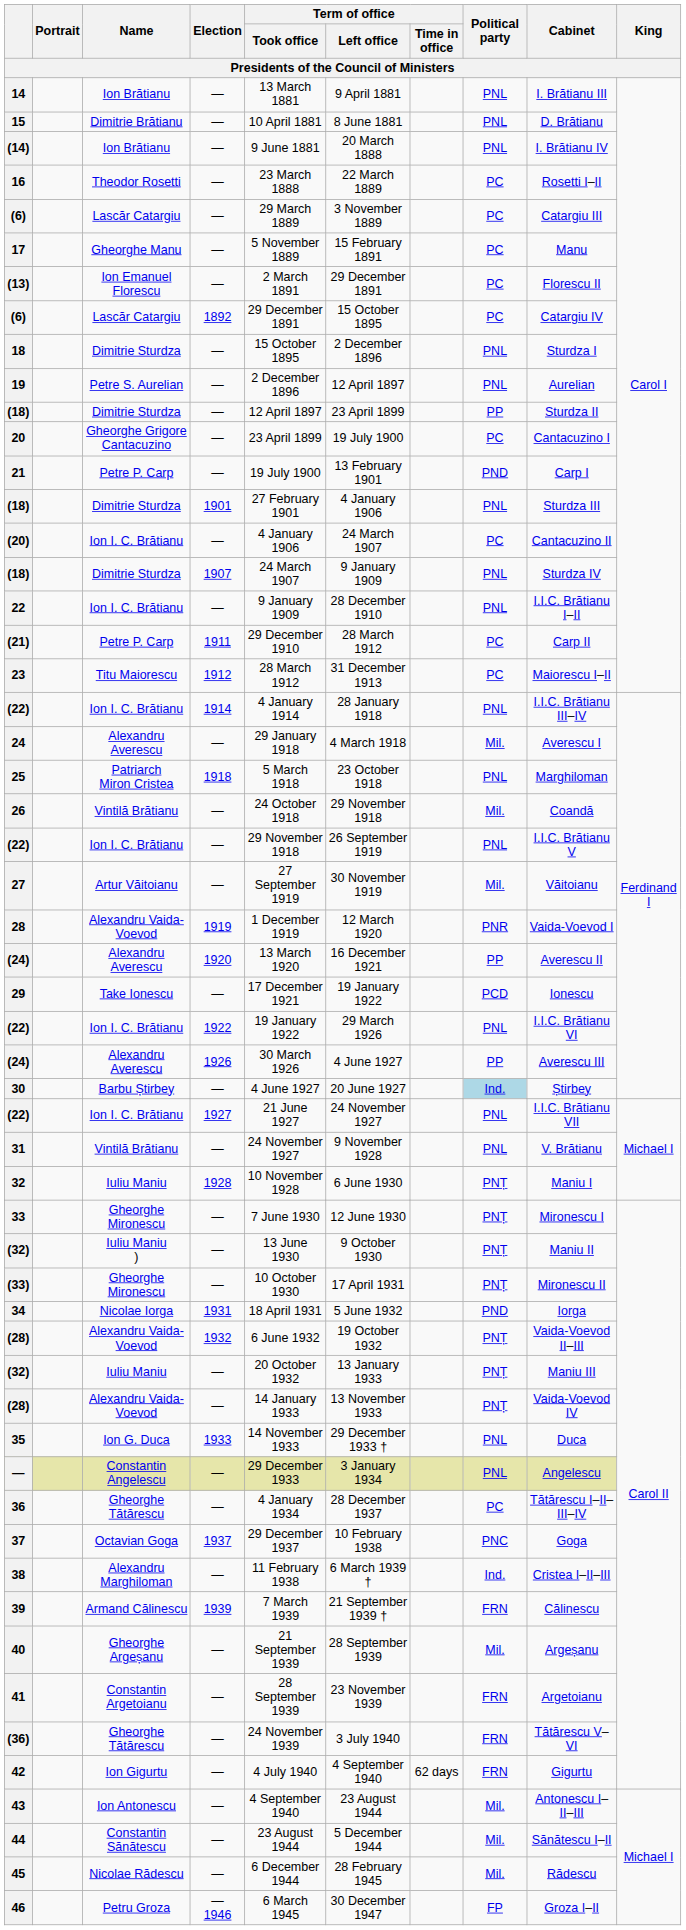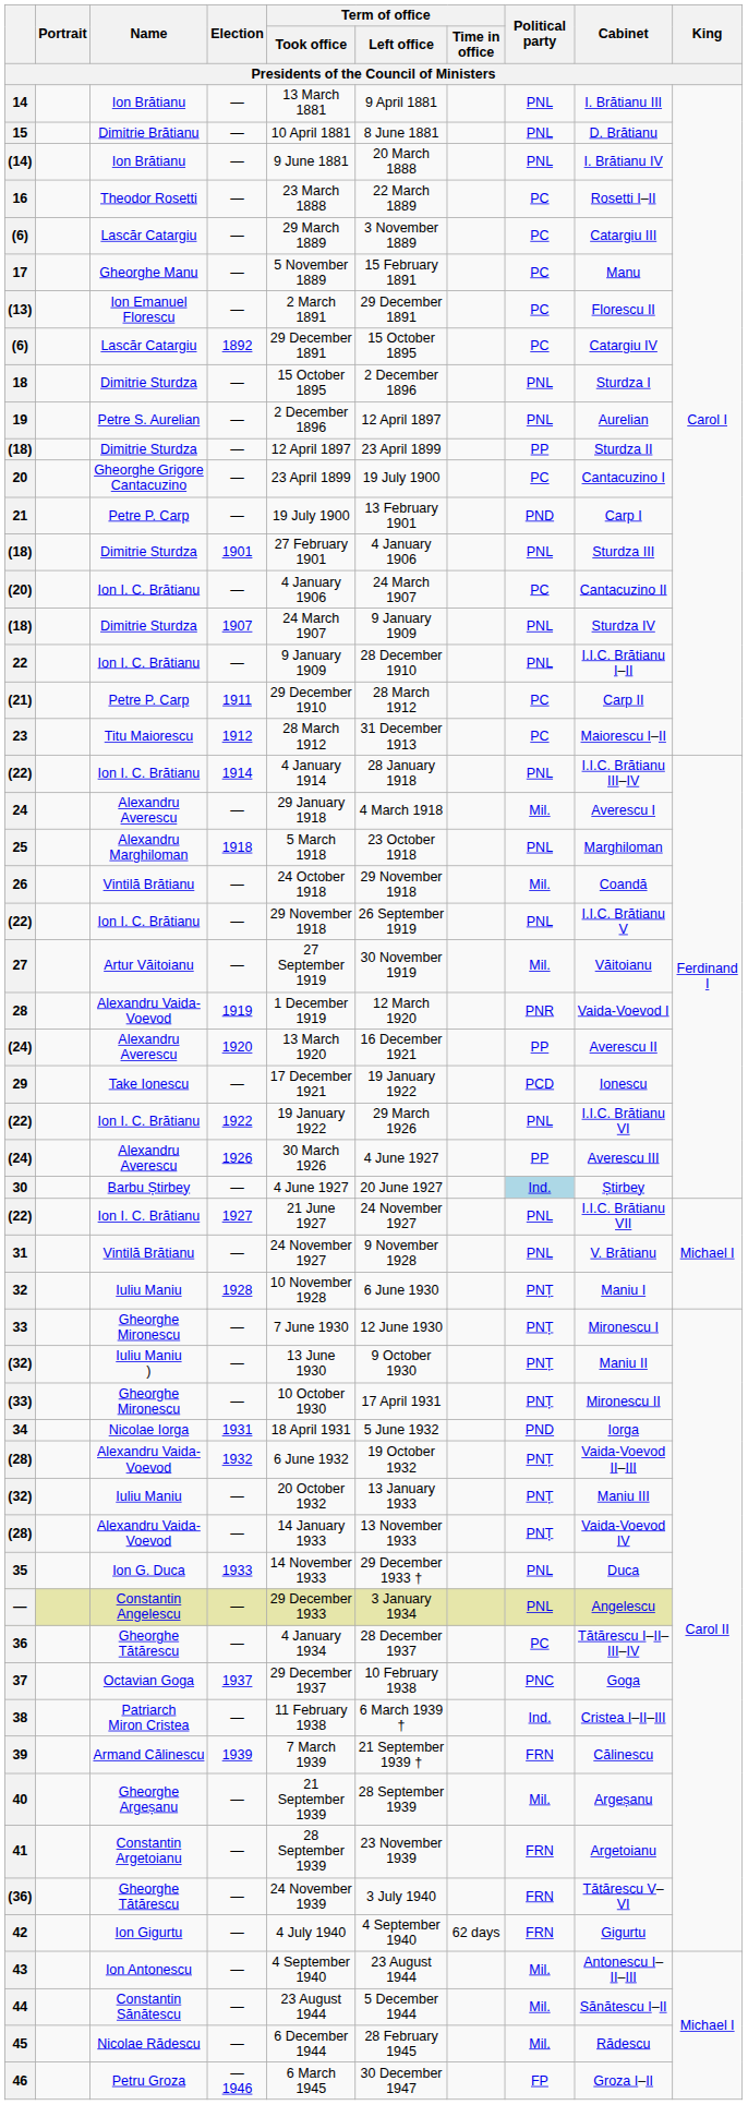 <table class="wikitable" style="text-align:center;">
 <tr>
 <th rowspan="2"></th>
 <th rowspan="2">Portrait</th>
 <th rowspan="2">Name<br></th>
 <th rowspan="2">Election</th>
 <th colspan="3">Term of office</th>
 <th rowspan="2">Political party</th>
 <th rowspan="2">Cabinet</th>
 <th rowspan="2">King</th>
 </tr>
 <tr>
 <th>Took office</th>
 <th>Left office</th>
 <th>Time in office</th>
 </tr>
 <tr>
 <th colspan=10>Presidents of the Council of Ministers<br></th>
 </tr>
 <tr>
 <th style="background:">14</th>
 <td></td>
 <td><a href='#'>Ion Brătianu</a><br></td>
 <td>—</td>
 <td>13 March 1881</td>
 <td>9 April 1881</td>
 <td></td>
 <td><a href='#'>PNL</a></td>
 <td><a href='#'>I. Brătianu III</a></td>
 <td rowspan=20><a href='#'>Carol I</a></td>
 </tr>
 <tr>
 <th style="background:">15</th>
 <td></td>
 <td><a href='#'>Dimitrie Brătianu</a><br></td>
 <td>—</td>
 <td>10 April 1881</td>
 <td>8 June 1881</td>
 <td></td>
 <td><a href='#'>PNL</a></td>
 <td><a href='#'>D. Brătianu</a></td>
 </tr>
 <tr>
 <th style="background:">(14)</th>
 <td></td>
 <td><a href='#'>Ion Brătianu</a><br></td>
 <td>—</td>
 <td>9 June 1881</td>
 <td>20 March 1888</td>
 <td></td>
 <td><a href='#'>PNL</a></td>
 <td><a href='#'>I. Brătianu IV</a></td>
 </tr>
 <tr>
 <th style="background:">16</th>
 <td></td>
 <td><a href='#'>Theodor Rosetti</a><br></td>
 <td>—</td>
 <td>23 March 1888</td>
 <td>22 March 1889</td>
 <td></td>
 <td><a href='#'>PC</a></td>
 <td><a href='#'>Rosetti I</a>–<a href='#'>II</a></td>
 </tr>
 <tr>
 <th style="background:">(6)</th>
 <td></td>
 <td><a href='#'>Lascăr Catargiu</a><br></td>
 <td>—</td>
 <td>29 March 1889</td>
 <td>3 November 1889</td>
 <td></td>
 <td><a href='#'>PC</a></td>
 <td><a href='#'>Catargiu III</a></td>
 </tr>
 <tr>
 <th style="background:">17</th>
 <td></td>
 <td><a href='#'>Gheorghe Manu</a><br></td>
 <td>—</td>
 <td>5 November 1889</td>
 <td>15 February 1891</td>
 <td></td>
 <td><a href='#'>PC</a></td>
 <td><a href='#'>Manu</a></td>
 </tr>
 <tr>
 <th style="background:">(13)</th>
 <td></td>
 <td><a href='#'>Ion Emanuel Florescu</a><br></td>
 <td>—</td>
 <td>2 March 1891</td>
 <td>29 December 1891</td>
 <td></td>
 <td><a href='#'>PC</a></td>
 <td><a href='#'>Florescu II</a></td>
 </tr>
 <tr>
 <th style="background:">(6)</th>
 <td></td>
 <td><a href='#'>Lascăr Catargiu</a><br></td>
 <td><a href='#'>1892</a></td>
 <td>29 December 1891</td>
 <td>15 October 1895</td>
 <td></td>
 <td><a href='#'>PC</a></td>
 <td><a href='#'>Catargiu IV</a></td>
 </tr>
 <tr>
 <th style="background:">18</th>
 <td></td>
 <td><a href='#'>Dimitrie Sturdza</a><br></td>
 <td>—</td>
 <td>15 October 1895</td>
 <td>2 December 1896</td>
 <td></td>
 <td><a href='#'>PNL</a></td>
 <td><a href='#'>Sturdza I</a></td>
 </tr>
 <tr>
 <th style="background:">19</th>
 <td></td>
 <td><a href='#'>Petre S. Aurelian</a><br></td>
 <td>—</td>
 <td>2 December 1896</td>
 <td>12 April 1897</td>
 <td></td>
 <td><a href='#'>PNL</a></td>
 <td><a href='#'>Aurelian</a></td>
 </tr>
 <tr>
 <th style="background:">(18)</th>
 <td></td>
 <td><a href='#'>Dimitrie Sturdza</a><br></td>
 <td>—</td>
 <td>12 April 1897</td>
 <td>23 April 1899</td>
 <td></td>
 <td><a href='#'>PP</a></td>
 <td><a href='#'>Sturdza II</a></td>
 </tr>
 <tr>
 <th style="background:">20</th>
 <td></td>
 <td><a href='#'>Gheorghe Grigore Cantacuzino</a><br></td>
 <td>—</td>
 <td>23 April 1899</td>
 <td>19 July 1900</td>
 <td></td>
 <td><a href='#'>PC</a></td>
 <td><a href='#'>Cantacuzino I</a></td>
 </tr>
 <tr>
 <th style="background:">21</th>
 <td></td>
 <td><a href='#'>Petre P. Carp</a><br></td>
 <td>—</td>
 <td>19 July 1900</td>
 <td>13 February 1901</td>
 <td></td>
 <td><a href='#'>PND</a></td>
 <td><a href='#'>Carp I</a></td>
 </tr>
 <tr>
 <th style="background:">(18)</th>
 <td></td>
 <td><a href='#'>Dimitrie Sturdza</a><br></td>
 <td><a href='#'>1901</a></td>
 <td>27 February 1901</td>
 <td>4 January 1906</td>
 <td></td>
 <td><a href='#'>PNL</a></td>
 <td><a href='#'>Sturdza III</a></td>
 </tr>
 <tr>
 <th style="background:">(20)</th>
 <td></td>
 <td><a href='#'>Ion I. C. Brătianu</a><br></td>
 <td>—</td>
 <td>4 January 1906</td>
 <td>24 March 1907</td>
 <td></td>
 <td><a href='#'>PC</a></td>
 <td><a href='#'>Cantacuzino II</a></td>
 </tr>
 <tr>
 <th style="background:">(18)</th>
 <td></td>
 <td><a href='#'>Dimitrie Sturdza</a><br></td>
 <td><a href='#'>1907</a></td>
 <td>24 March 1907</td>
 <td>9 January 1909</td>
 <td></td>
 <td><a href='#'>PNL</a></td>
 <td><a href='#'>Sturdza IV</a></td>
 </tr>
 <tr>
 <th style="background:">22</th>
 <td></td>
 <td><a href='#'>Ion I. C. Brătianu</a><br></td>
 <td>—</td>
 <td>9 January 1909</td>
 <td>28 December 1910</td>
 <td></td>
 <td><a href='#'>PNL</a></td>
 <td><a href='#'>I.I.C. Brătianu I</a>–<a href='#'>II</a></td>
 </tr>
 <tr>
 <th style="background:">(21)</th>
 <td></td>
 <td><a href='#'>Petre P. Carp</a><br></td>
 <td><a href='#'>1911</a></td>
 <td>29 December 1910</td>
 <td>28 March 1912</td>
 <td></td>
 <td><a href='#'>PC</a></td>
 <td><a href='#'>Carp II</a></td>
 </tr>
 <tr>
 <th style="background:">23</th>
 <td></td>
 <td><a href='#'>Titu Maiorescu</a><br></td>
 <td><a href='#'>1912</a></td>
 <td>28 March 1912</td>
 <td>31 December 1913</td>
 <td></td>
 <td><a href='#'>PC</a></td>
 <td><a href='#'>Maiorescu I</a>–<a href='#'>II</a></td>
 </tr>
 <tr>
 <th rowspan=2 style="background:">(22)</th>
 <td rowspan=2></td>
 <td rowspan=2><a href='#'>Ion I. C. Brătianu</a><br></td>
 <td rowspan=2><a href='#'>1914</a></td>
 <td rowspan=2>4 January 1914</td>
 <td rowspan=2>28 January 1918</td>
 <td rowspan=2></td>
 <td rowspan=2><a href='#'>PNL</a></td>
 <td rowspan=2><a href='#'>I.I.C. Brătianu III</a>–<a href='#'>IV</a></td>
 </tr>
 <tr>
 <td rowspan=13><a href='#'>Ferdinand I</a></td>
 </tr>
 <tr>
 <th style="background:">24</th>
 <td></td>
 <td><a href='#'>Alexandru Averescu</a><br></td>
 <td>—</td>
 <td>29 January 1918</td>
 <td>4 March 1918</td>
 <td></td>
 <td><a href='#'>Mil.</a></td>
 <td><a href='#'>Averescu I</a></td>
 </tr>
 <tr>
 <th style="background:">25</th>
 <td></td>
-<td><a href='#'>Patriarch</a><br><a href='#'>Miron Cristea</a><br></td>
+<td><a href='#'>Alexandru Marghiloman</a><br></td>
 <td><a href='#'>1918</a></td>
 <td>5 March 1918</td>
 <td>23 October 1918</td>
 <td></td>
 <td><a href='#'>PNL</a></td>
 <td><a href='#'>Marghiloman</a></td>
 </tr>
 <tr>
 <th style="background:">26</th>
 <td></td>
 <td><a href='#'>Vintilă Brătianu</a><br></td>
 <td>—</td>
 <td>24 October 1918</td>
 <td>29 November 1918</td>
 <td></td>
 <td><a href='#'>Mil.</a></td>
 <td><a href='#'>Coandă</a></td>
 </tr>
 <tr>
 <th style="background:">(22)</th>
 <td></td>
 <td><a href='#'>Ion I. C. Brătianu</a><br></td>
 <td>—</td>
 <td>29 November 1918</td>
 <td>26 September 1919</td>
 <td></td>
 <td><a href='#'>PNL</a></td>
 <td><a href='#'>I.I.C. Brătianu V</a></td>
 </tr>
 <tr>
 <th style="background:">27</th>
 <td></td>
 <td><a href='#'>Artur Văitoianu</a><br></td>
 <td>—</td>
 <td>27 September 1919</td>
 <td>30 November 1919</td>
 <td></td>
 <td><a href='#'>Mil.</a></td>
 <td><a href='#'>Văitoianu</a></td>
 </tr>
 <tr>
 <th style="background:">28</th>
 <td></td>
 <td><a href='#'>Alexandru Vaida-Voevod</a><br></td>
 <td><a href='#'>1919</a></td>
 <td>1 December 1919</td>
 <td>12 March 1920</td>
 <td></td>
 <td><a href='#'>PNR</a></td>
 <td><a href='#'>Vaida-Voevod I</a></td>
 </tr>
 <tr>
 <th style="background:">(24)</th>
 <td></td>
 <td><a href='#'>Alexandru Averescu</a><br></td>
 <td><a href='#'>1920</a></td>
 <td>13 March 1920</td>
 <td>16 December 1921</td>
 <td></td>
 <td><a href='#'>PP</a></td>
 <td><a href='#'>Averescu II</a></td>
 </tr>
 <tr>
 <th style="background:">29</th>
 <td></td>
 <td><a href='#'>Take Ionescu</a><br></td>
 <td>—</td>
 <td>17 December 1921</td>
 <td>19 January 1922</td>
 <td></td>
 <td><a href='#'>PCD</a></td>
 <td><a href='#'>Ionescu</a></td>
 </tr>
 <tr>
 <th style="background:">(22)</th>
 <td></td>
 <td><a href='#'>Ion I. C. Brătianu</a><br></td>
 <td><a href='#'>1922</a></td>
 <td>19 January 1922</td>
 <td>29 March 1926</td>
 <td></td>
 <td><a href='#'>PNL</a></td>
 <td><a href='#'>I.I.C. Brătianu VI</a></td>
 </tr>
 <tr>
 <th style="background:">(24)</th>
 <td></td>
 <td><a href='#'>Alexandru Averescu</a><br></td>
 <td><a href='#'>1926</a></td>
 <td>30 March 1926</td>
 <td>4 June 1927</td>
 <td></td>
 <td><a href='#'>PP</a></td>
 <td><a href='#'>Averescu III</a></td>
 </tr>
 <tr>
 <th style="background:">30</th>
 <td></td>
 <td><a href='#'>Barbu Știrbey</a><br></td>
 <td>—</td>
 <td>4 June 1927</td>
 <td>20 June 1927</td>
 <td></td>
 <td style="background: lightblue;"><a href='#'>Ind.</a></td>
 <td><a href='#'>Știrbey</a></td>
 </tr>
 <tr>
 <th rowspan=2 style="background:">(22)</th>
 <td rowspan=2></td>
 <td rowspan=2><a href='#'>Ion I. C. Brătianu</a><br></td>
 <td rowspan=2><a href='#'>1927</a></td>
 <td rowspan=2>21 June 1927</td>
 <td rowspan=2>24 November 1927</td>
 <td rowspan=2></td>
 <td rowspan=2><a href='#'>PNL</a></td>
 <td rowspan=2><a href='#'>I.I.C. Brătianu VII</a></td>
 </tr>
 <tr>
 <td rowspan=4><a href='#'>Michael I</a></td>
 </tr>
 <tr>
 <th style="background:">31</th>
 <td></td>
 <td><a href='#'>Vintilă Brătianu</a><br></td>
 <td>—</td>
 <td>24 November 1927</td>
 <td>9 November 1928</td>
 <td></td>
 <td><a href='#'>PNL</a></td>
 <td><a href='#'>V. Brătianu</a></td>
 </tr>
 <tr>
 <th style="background:">32</th>
 <td></td>
 <td><a href='#'>Iuliu Maniu</a><br></td>
 <td><a href='#'>1928</a></td>
 <td>10 November 1928</td>
 <td>6 June 1930</td>
 <td></td>
 <td><a href='#'>PNȚ</a></td>
 <td><a href='#'>Maniu I</a></td>
 </tr>
 <tr>
 <th rowspan=2 style="background:">33</th>
 <td rowspan=2></td>
 <td rowspan=2><a href='#'>Gheorghe Mironescu</a><br></td>
 <td rowspan=2>—</td>
 <td rowspan=2>7 June 1930</td>
 <td rowspan=2>12 June 1930</td>
 <td rowspan=2></td>
 <td rowspan=2><a href='#'>PNȚ</a></td>
 <td rowspan=2><a href='#'>Mironescu I</a></td>
 </tr>
 <tr>
 <td rowspan=18><a href='#'>Carol II</a></td>
 </tr>
 <tr>
 <th style="background:">(32)</th>
 <td></td>
 <td><a href='#'>Iuliu Maniu</a><br>)</td>
 <td>—</td>
 <td>13 June 1930</td>
 <td>9 October 1930</td>
 <td></td>
 <td><a href='#'>PNȚ</a></td>
 <td><a href='#'>Maniu II</a></td>
 </tr>
 <tr>
 <th style="background:">(33)</th>
 <td></td>
 <td><a href='#'>Gheorghe Mironescu</a><br></td>
 <td>—</td>
 <td>10 October 1930</td>
 <td>17 April 1931</td>
 <td></td>
 <td><a href='#'>PNȚ</a></td>
 <td><a href='#'>Mironescu II</a></td>
 </tr>
 <tr>
 <th style="background:">34</th>
 <td></td>
 <td><a href='#'>Nicolae Iorga</a><br></td>
 <td><a href='#'>1931</a></td>
 <td>18 April 1931</td>
 <td>5 June 1932</td>
 <td></td>
 <td><a href='#'>PND</a></td>
 <td><a href='#'>Iorga</a></td>
 </tr>
 <tr>
 <th style="background:">(28)</th>
 <td></td>
 <td><a href='#'>Alexandru Vaida-Voevod</a><br></td>
 <td><a href='#'>1932</a></td>
 <td>6 June 1932</td>
 <td>19 October 1932</td>
 <td></td>
 <td><a href='#'>PNȚ</a></td>
 <td><a href='#'>Vaida-Voevod II</a>–<a href='#'>III</a></td>
 </tr>
 <tr>
 <th style="background:">(32)</th>
 <td></td>
 <td><a href='#'>Iuliu Maniu</a><br></td>
 <td>—</td>
 <td>20 October 1932</td>
 <td>13 January 1933</td>
 <td></td>
 <td><a href='#'>PNȚ</a></td>
 <td><a href='#'>Maniu III</a></td>
 </tr>
 <tr>
 <th style="background:">(28)</th>
 <td></td>
 <td><a href='#'>Alexandru Vaida-Voevod</a><br></td>
 <td>—</td>
 <td>14 January 1933</td>
 <td>13 November 1933</td>
 <td></td>
 <td><a href='#'>PNȚ</a></td>
 <td><a href='#'>Vaida-Voevod IV</a></td>
 </tr>
 <tr>
 <th style="background:">35</th>
 <td></td>
 <td><a href='#'>Ion G. Duca</a><br></td>
 <td><a href='#'>1933</a></td>
 <td>14 November 1933</td>
 <td>29 December 1933 †</td>
 <td></td>
 <td><a href='#'>PNL</a></td>
 <td><a href='#'>Duca</a></td>
 </tr>
 <tr style="background:#e6e6aa;">
 <th style="background:">—</th>
 <td></td>
 <td><a href='#'>Constantin Angelescu</a><br></td>
 <td>—</td>
 <td>29 December 1933</td>
 <td>3 January 1934</td>
 <td></td>
 <td><a href='#'>PNL</a></td>
 <td><a href='#'>Angelescu</a></td>
 </tr>
 <tr>
 <th style="background:">36</th>
 <td></td>
 <td><a href='#'>Gheorghe Tătărescu</a><br></td>
 <td>—</td>
 <td>4 January 1934</td>
 <td>28 December 1937</td>
 <td></td>
 <td><a href='#'>PC</a></td>
 <td><a href='#'>Tătărescu I</a>–<a href='#'>II</a>–<a href='#'>III</a>–<a href='#'>IV</a></td>
 </tr>
 <tr>
 <th style="background:">37</th>
 <td></td>
 <td><a href='#'>Octavian Goga</a><br></td>
 <td><a href='#'>1937</a></td>
 <td>29 December 1937</td>
 <td>10 February 1938</td>
 <td></td>
 <td><a href='#'>PNC</a></td>
 <td><a href='#'>Goga</a></td>
 </tr>
 <tr>
 <th style="background:">38</th>
 <td></td>
-<td><a href='#'>Alexandru Marghiloman</a><br></td>
+<td><a href='#'>Patriarch</a><br><a href='#'>Miron Cristea</a><br></td>
 <td>—</td>
 <td>11 February 1938</td>
 <td>6 March 1939 †</td>
 <td></td>
 <td><a href='#'>Ind.</a></td>
 <td><a href='#'>Cristea I</a>–<a href='#'>II</a>–<a href='#'>III</a></td>
 </tr>
 <tr>
 <th style="background:">39</th>
 <td></td>
 <td><a href='#'>Armand Călinescu</a><br></td>
 <td><a href='#'>1939</a></td>
 <td>7 March 1939</td>
 <td>21 September 1939 †</td>
 <td></td>
 <td><a href='#'>FRN</a></td>
 <td><a href='#'>Călinescu</a></td>
 </tr>
 <tr>
 <th style="background:">40</th>
 <td></td>
 <td><a href='#'>Gheorghe Argeșanu</a><br></td>
 <td>—</td>
 <td>21 September 1939</td>
 <td>28 September 1939</td>
 <td></td>
 <td><a href='#'>Mil.</a></td>
 <td><a href='#'>Argeșanu</a></td>
 </tr>
 <tr>
 <th style="background:">41</th>
 <td></td>
 <td><a href='#'>Constantin Argetoianu</a><br></td>
 <td>—</td>
 <td>28 September 1939</td>
 <td>23 November 1939</td>
 <td></td>
 <td><a href='#'>FRN</a></td>
 <td><a href='#'>Argetoianu</a></td>
 </tr>
 <tr>
 <th style="background:">(36)</th>
 <td></td>
 <td><a href='#'>Gheorghe Tătărescu</a><br></td>
 <td>—</td>
 <td>24 November 1939</td>
 <td>3 July 1940</td>
 <td></td>
 <td><a href='#'>FRN</a></td>
 <td><a href='#'>Tătărescu V</a>–<a href='#'>VI</a></td>
 </tr>
 <tr>
 <th style="background:">42</th>
 <td></td>
 <td><a href='#'>Ion Gigurtu</a><br></td>
 <td>—</td>
 <td>4 July 1940</td>
 <td>4 September 1940</td>
 <td>62 days</td>
 <td><a href='#'>FRN</a></td>
 <td><a href='#'>Gigurtu</a></td>
 </tr>
 <tr>
 <th rowspan=2 style="background:">43</th>
 <td rowspan=2></td>
 <td rowspan=2><a href='#'>Ion Antonescu</a><br></td>
 <td rowspan=2>—</td>
 <td rowspan=2>4 September 1940</td>
 <td rowspan=2>23 August 1944</td>
 <td rowspan=2></td>
 <td rowspan=2><a href='#'>Mil.</a></td>
 <td rowspan=2><a href='#'>Antonescu I</a>–<a href='#'>II</a>–<a href='#'>III</a></td>
 </tr>
 <tr>
 <td rowspan=4><a href='#'>Michael I</a></td>
 </tr>
 <tr>
 <th style="background:">44</th>
 <td></td>
 <td><a href='#'>Constantin Sănătescu</a><br></td>
 <td>—</td>
 <td>23 August 1944</td>
 <td>5 December 1944</td>
 <td></td>
 <td><a href='#'>Mil.</a></td>
 <td><a href='#'>Sănătescu I</a>–<a href='#'>II</a></td>
 </tr>
 <tr>
 <th style="background:">45</th>
 <td></td>
 <td><a href='#'>Nicolae Rădescu</a><br></td>
 <td>—</td>
 <td>6 December 1944</td>
 <td>28 February 1945</td>
 <td></td>
 <td><a href='#'>Mil.</a></td>
 <td><a href='#'>Rădescu</a></td>
 </tr>
 <tr>
 <th style="background:">46</th>
 <td></td>
 <td><a href='#'>Petru Groza</a><br></td>
 <td>—<br><a href='#'>1946</a></td>
 <td>6 March 1945</td>
 <td>30 December 1947</td>
 <td></td>
 <td><a href='#'>FP</a></td>
 <td><a href='#'>Groza I</a>–<a href='#'>II</a></td>
 </tr>
 </table>
